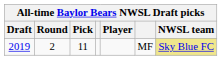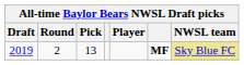 <table class="wikitable sortable" style="text-align: center;">
 <tr>
 <th colspan="7" style="background:#">All-time <a href='#'><span>Baylor Bears</span></a> NWSL Draft picks</th>
 </tr>
 <tr>
 <th scope="col">Draft</th>
 <th scope="col">Round</th>
 <th scope="col">Pick</th>
 <th scope="col"></th>
 <th scope="col">Player</th>
 <th scope="col"></th>
 <th scope="col">NWSL team</th>
 </tr>
 <tr>
 <td><a href='#'>2019</a></td>
 <td>2</td>
-<td>11</td>
+<td>13</td>
 <td></td>
 <td></td>
-<td>MF</td>
+<td><strong>MF</strong></td>
 <td style="background: khaki;"><a href='#'>Sky Blue FC</a></td>
 </tr>
 </table>
